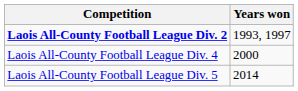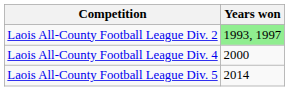 <table class="wikitable">
 <tr>
 <th>Competition</th>
 <th>Years won</th>
 </tr>
 <tr>
-<td><strong><a href='#'>Laois All-County Football League Div. 2</a></strong></td>
-<td cell 2>1993, 1997</td>
+<td><a href='#'>Laois All-County Football League Div. 2</a></td>
+<td cell 2 style="background: lightgreen;">1993, 1997</td>
 </tr>
 <tr>
 <td><a href='#'>Laois All-County Football League Div. 4</a></td>
 <td>2000</td>
 </tr>
 <tr>
 <td><a href='#'>Laois All-County Football League Div. 5</a></td>
 <td>2014</td>
 </tr>
 </table>
